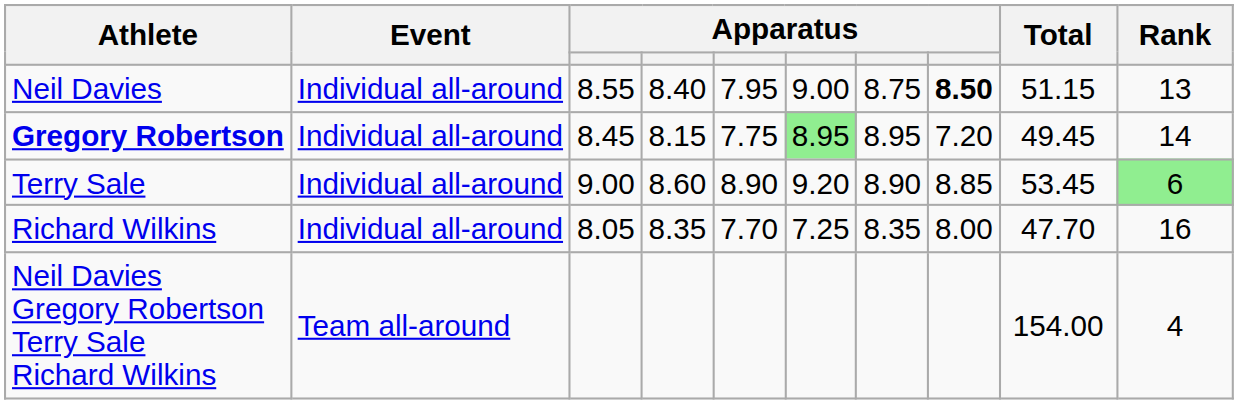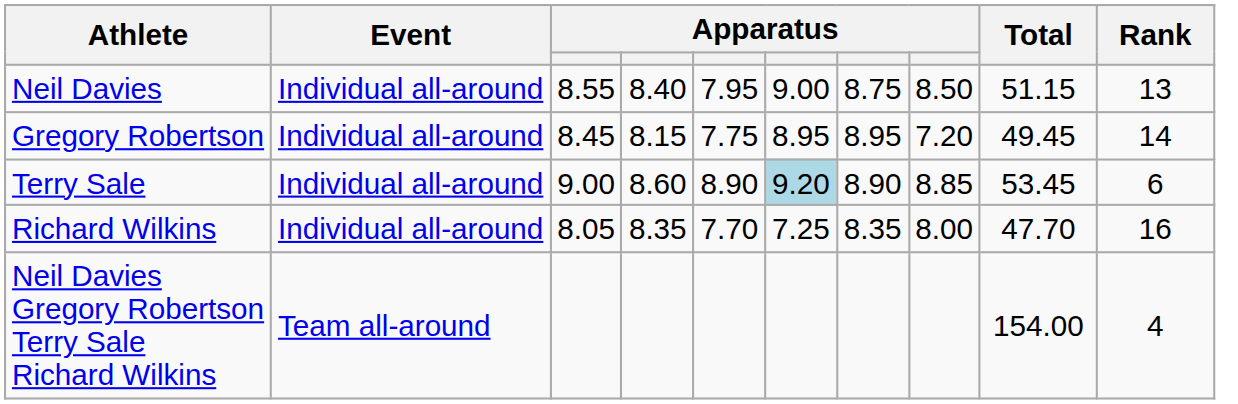 <table class="wikitable" style="font-size:90%">
 <tr>
 <th rowspan="2">Athlete</th>
 <th rowspan="2">Event</th>
 <th colspan="6">Apparatus</th>
 <th rowspan="2" style="width:50px;">Total</th>
 <th rowspan="2" style="width:50px;">Rank</th>
 </tr>
 <tr style="font-size:95%">
 <th></th>
 <th></th>
 <th></th>
 <th></th>
 <th></th>
 <th></th>
 </tr>
 <tr align=center>
 <td align=left><a href='#'>Neil Davies</a></td>
 <td align=left><a href='#'>Individual all-around</a></td>
 <td>8.55</td>
 <td>8.40</td>
 <td>7.95</td>
 <td>9.00</td>
 <td>8.75</td>
-<td><strong>8.50</strong></td>
+<td>8.50</td>
 <td>51.15</td>
 <td>13</td>
 </tr>
 <tr align=center>
-<td align=left><strong><a href='#'>Gregory Robertson</a></strong></td>
+<td align=left><a href='#'>Gregory Robertson</a></td>
 <td align=left><a href='#'>Individual all-around</a></td>
 <td>8.45</td>
 <td>8.15</td>
 <td>7.75</td>
-<td style="background: lightgreen;">8.95</td>
+<td>8.95</td>
 <td>8.95</td>
 <td>7.20</td>
 <td>49.45</td>
 <td>14</td>
 </tr>
 <tr align=center>
 <td align=left><a href='#'>Terry Sale</a></td>
 <td align=left><a href='#'>Individual all-around</a></td>
 <td>9.00</td>
 <td>8.60</td>
 <td>8.90</td>
-<td>9.20</td>
+<td style="background: lightblue;">9.20</td>
 <td>8.90</td>
 <td>8.85</td>
 <td>53.45</td>
-<td style="background: lightgreen;">6</td>
+<td>6</td>
 </tr>
 <tr align=center>
 <td align=left><a href='#'>Richard Wilkins</a></td>
 <td align=left><a href='#'>Individual all-around</a></td>
 <td>8.05</td>
 <td>8.35</td>
 <td>7.70</td>
 <td>7.25</td>
 <td>8.35</td>
 <td>8.00</td>
 <td>47.70</td>
 <td>16</td>
 </tr>
 <tr align=center>
 <td align=left><a href='#'>Neil Davies</a><br><a href='#'>Gregory Robertson</a><br><a href='#'>Terry Sale</a><br><a href='#'>Richard Wilkins</a></td>
 <td align=left><a href='#'>Team all-around</a></td>
 <td></td>
 <td></td>
 <td></td>
 <td></td>
 <td></td>
 <td></td>
 <td>154.00</td>
 <td>4</td>
 </tr>
 </table>
